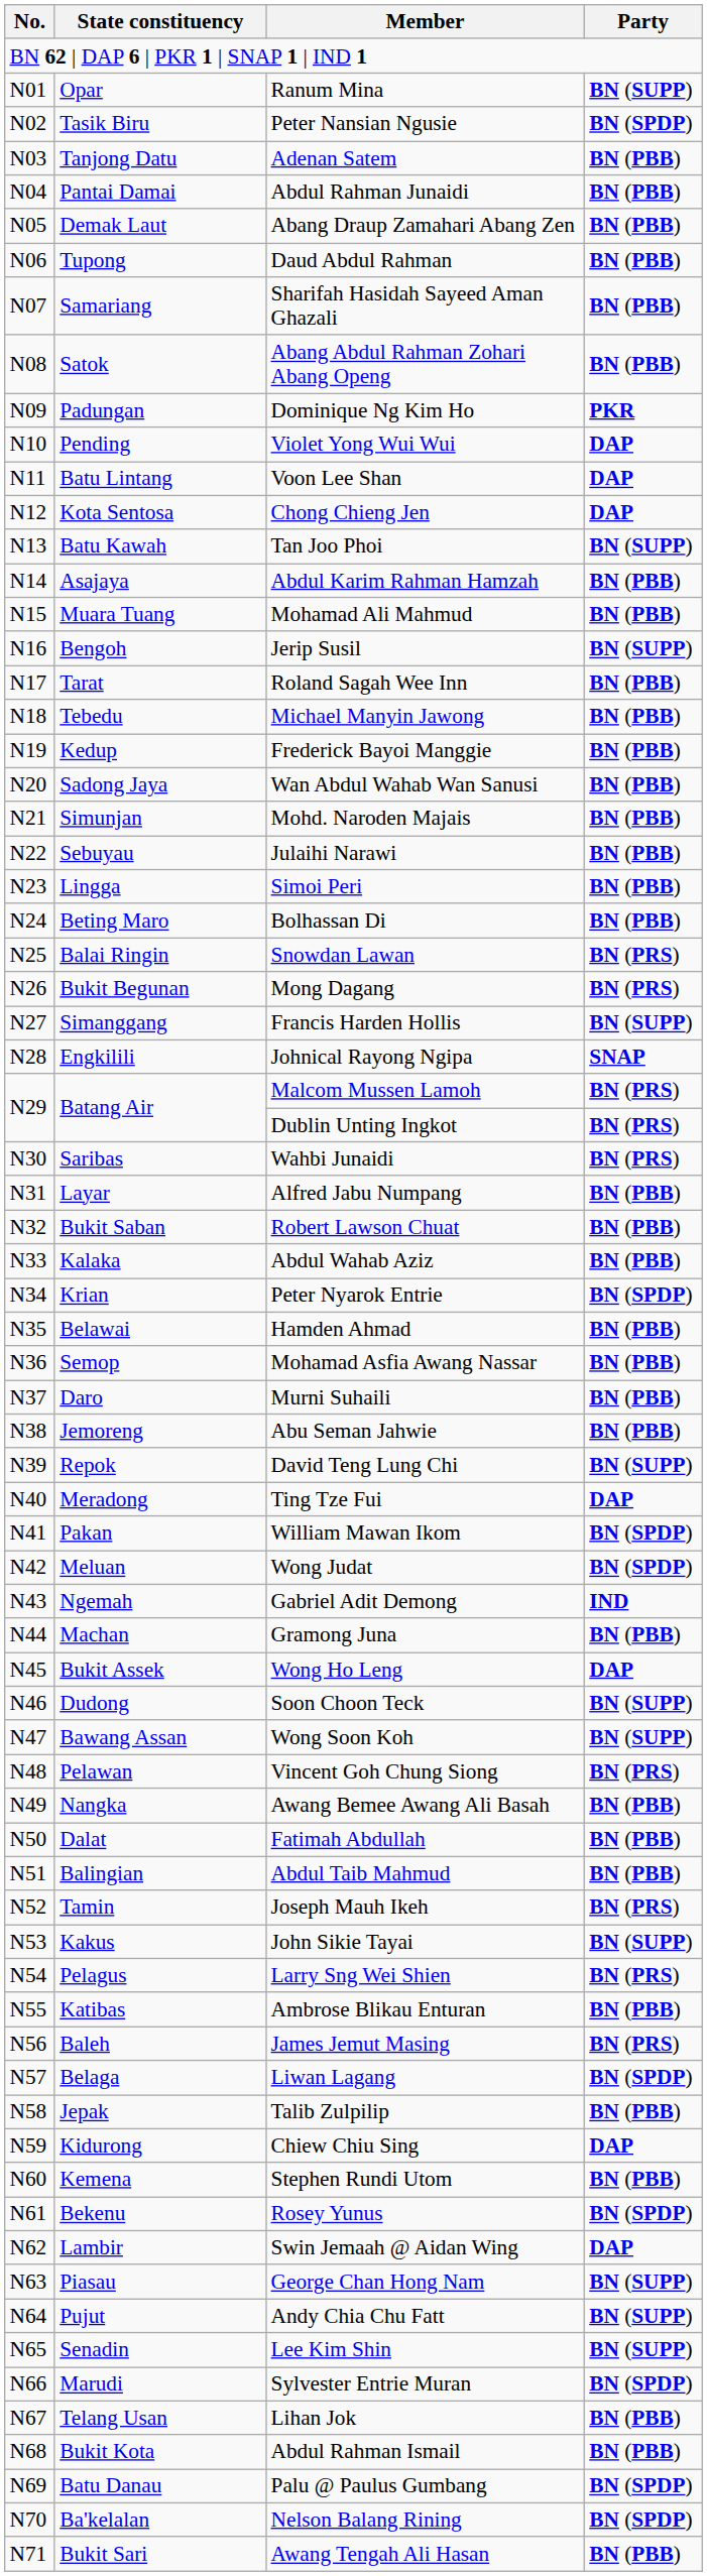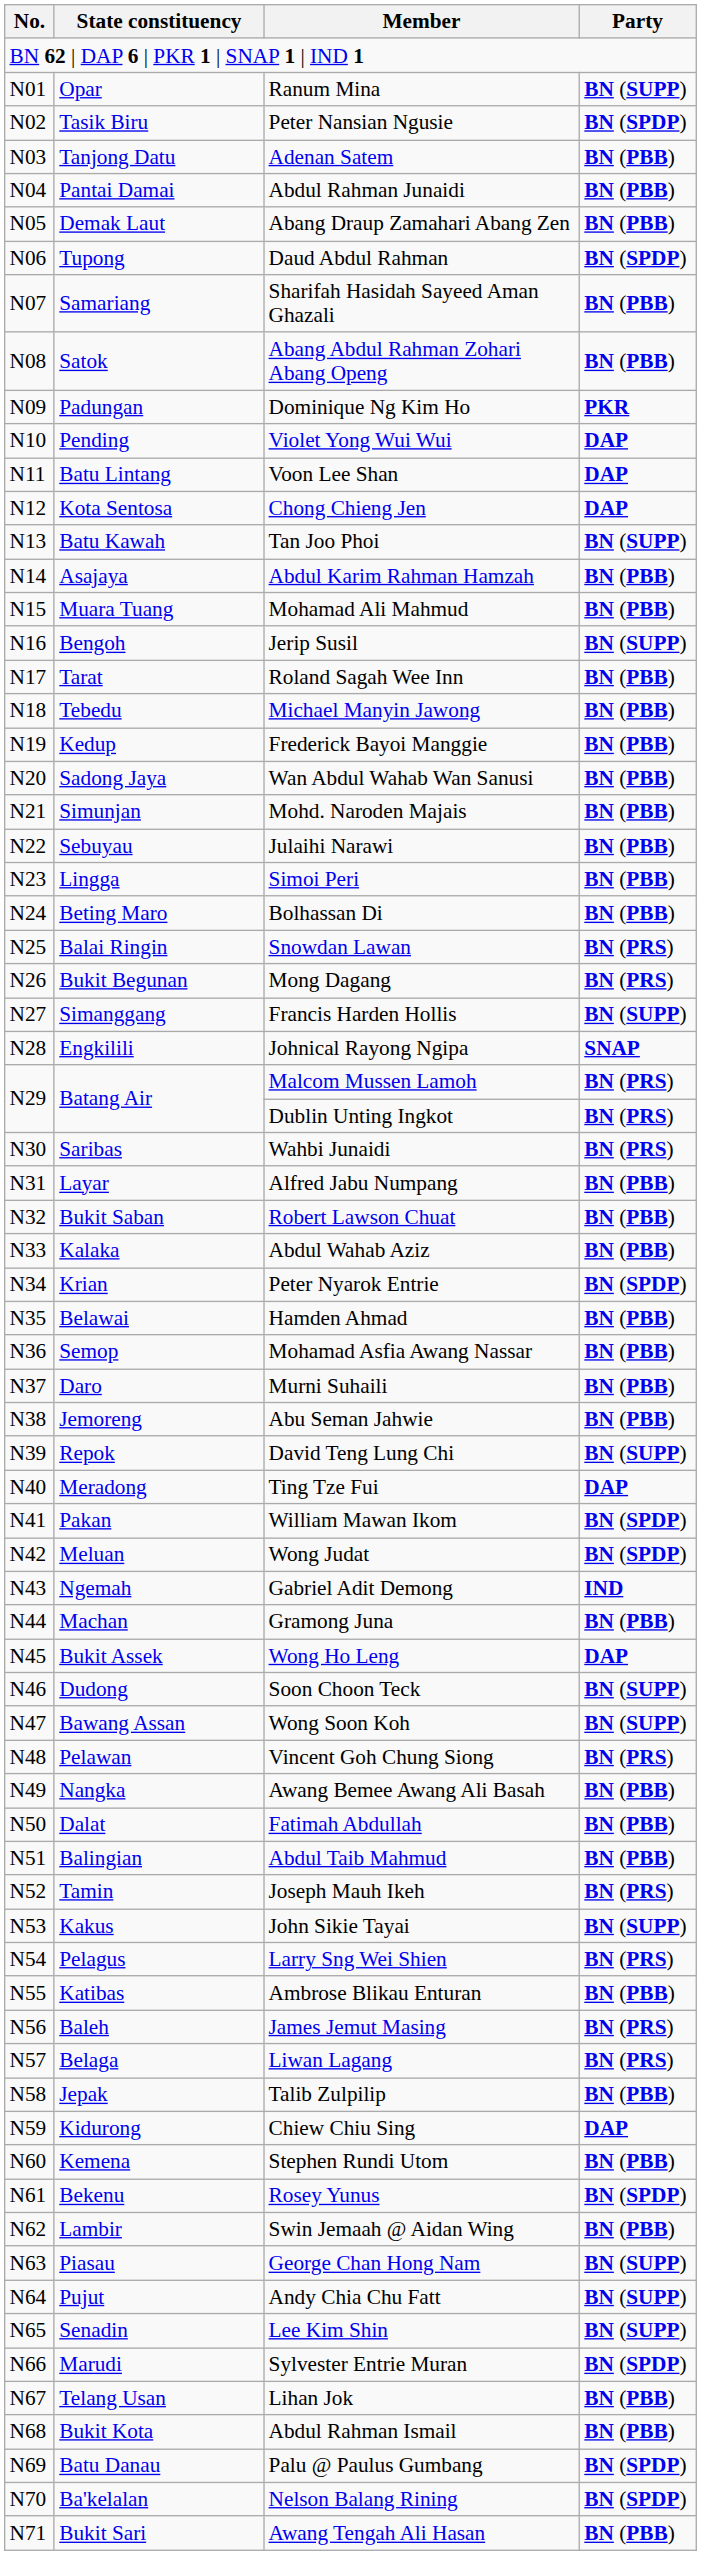 <table class="wikitable sortable">
 <tr>
 <th style="width:30px;">No.</th>
 <th style="width:150px;">State constituency</th>
 <th style="width:230px;">Member</th>
 <th style="width:80px;">Party</th>
 </tr>
 <tr>
 <td colspan="4"><a href='#'>BN</a> <strong>62</strong> | <a href='#'>DAP</a> <strong>6</strong> | <a href='#'>PKR</a> <strong>1</strong> | <a href='#'>SNAP</a> <strong>1</strong> | <a href='#'>IND</a> <strong>1</strong></td>
 </tr>
 <tr>
 <td>N01</td>
 <td><a href='#'>Opar</a></td>
 <td>Ranum Mina</td>
 <td><strong><a href='#'>BN</a></strong> (<strong><a href='#'>SUPP</a></strong>)</td>
 </tr>
 <tr>
 <td>N02</td>
 <td><a href='#'>Tasik Biru</a></td>
 <td>Peter Nansian Ngusie</td>
 <td><strong><a href='#'>BN</a></strong> (<strong><a href='#'>SPDP</a></strong>)</td>
 </tr>
 <tr>
 <td>N03</td>
 <td><a href='#'>Tanjong Datu</a></td>
 <td><a href='#'>Adenan Satem</a></td>
 <td><strong><a href='#'>BN</a></strong> (<strong><a href='#'>PBB</a></strong>)</td>
 </tr>
 <tr>
 <td>N04</td>
 <td><a href='#'>Pantai Damai</a></td>
 <td>Abdul Rahman Junaidi</td>
 <td><strong><a href='#'>BN</a></strong> (<strong><a href='#'>PBB</a></strong>)</td>
 </tr>
 <tr>
 <td>N05</td>
 <td><a href='#'>Demak Laut</a></td>
 <td>Abang Draup Zamahari Abang Zen</td>
 <td><strong><a href='#'>BN</a></strong> (<strong><a href='#'>PBB</a></strong>)</td>
 </tr>
 <tr>
 <td>N06</td>
 <td><a href='#'>Tupong</a></td>
 <td>Daud Abdul Rahman</td>
-<td><strong><a href='#'>BN</a></strong> (<strong><a href='#'>PBB</a></strong>)</td>
+<td><strong><a href='#'>BN</a></strong> (<strong><a href='#'>SPDP</a></strong>)</td>
 </tr>
 <tr>
 <td>N07</td>
 <td><a href='#'>Samariang</a></td>
 <td>Sharifah Hasidah Sayeed Aman Ghazali</td>
 <td><strong><a href='#'>BN</a></strong> (<strong><a href='#'>PBB</a></strong>)</td>
 </tr>
 <tr>
 <td>N08</td>
 <td><a href='#'>Satok</a></td>
 <td><a href='#'>Abang Abdul Rahman Zohari Abang Openg</a></td>
 <td><strong><a href='#'>BN</a></strong> (<strong><a href='#'>PBB</a></strong>)</td>
 </tr>
 <tr>
 <td>N09</td>
 <td><a href='#'>Padungan</a></td>
 <td>Dominique Ng Kim Ho</td>
 <td><strong><a href='#'>PKR</a></strong></td>
 </tr>
 <tr>
 <td>N10</td>
 <td><a href='#'>Pending</a></td>
 <td><a href='#'>Violet Yong Wui Wui</a></td>
 <td><strong><a href='#'>DAP</a></strong></td>
 </tr>
 <tr>
 <td>N11</td>
 <td><a href='#'>Batu Lintang</a></td>
 <td>Voon Lee Shan</td>
 <td><strong><a href='#'>DAP</a></strong></td>
 </tr>
 <tr>
 <td>N12</td>
 <td><a href='#'>Kota Sentosa</a></td>
 <td><a href='#'>Chong Chieng Jen</a></td>
 <td><strong><a href='#'>DAP</a></strong></td>
 </tr>
 <tr>
 <td>N13</td>
 <td><a href='#'>Batu Kawah</a></td>
 <td>Tan Joo Phoi</td>
 <td><strong><a href='#'>BN</a></strong> (<strong><a href='#'>SUPP</a></strong>)</td>
 </tr>
 <tr>
 <td>N14</td>
 <td><a href='#'>Asajaya</a></td>
 <td><a href='#'>Abdul Karim Rahman Hamzah</a></td>
 <td><strong><a href='#'>BN</a></strong> (<strong><a href='#'>PBB</a></strong>)</td>
 </tr>
 <tr>
 <td>N15</td>
 <td><a href='#'>Muara Tuang</a></td>
 <td>Mohamad Ali Mahmud</td>
 <td><strong><a href='#'>BN</a></strong> (<strong><a href='#'>PBB</a></strong>)</td>
 </tr>
 <tr>
 <td>N16</td>
 <td><a href='#'>Bengoh</a></td>
 <td>Jerip Susil</td>
 <td><strong><a href='#'>BN</a></strong> (<strong><a href='#'>SUPP</a></strong>)</td>
 </tr>
 <tr>
 <td>N17</td>
 <td><a href='#'>Tarat</a></td>
 <td>Roland Sagah Wee Inn</td>
 <td><strong><a href='#'>BN</a></strong> (<strong><a href='#'>PBB</a></strong>)</td>
 </tr>
 <tr>
 <td>N18</td>
 <td><a href='#'>Tebedu</a></td>
 <td><a href='#'>Michael Manyin Jawong</a></td>
 <td><strong><a href='#'>BN</a></strong> (<strong><a href='#'>PBB</a></strong>)</td>
 </tr>
 <tr>
 <td>N19</td>
 <td><a href='#'>Kedup</a></td>
 <td>Frederick Bayoi Manggie</td>
 <td><strong><a href='#'>BN</a></strong> (<strong><a href='#'>PBB</a></strong>)</td>
 </tr>
 <tr>
 <td>N20</td>
 <td><a href='#'>Sadong Jaya</a></td>
 <td>Wan Abdul Wahab Wan Sanusi</td>
 <td><strong><a href='#'>BN</a></strong> (<strong><a href='#'>PBB</a></strong>)</td>
 </tr>
 <tr>
 <td>N21</td>
 <td><a href='#'>Simunjan</a></td>
 <td>Mohd. Naroden Majais</td>
 <td><strong><a href='#'>BN</a></strong> (<strong><a href='#'>PBB</a></strong>)</td>
 </tr>
 <tr>
 <td>N22</td>
 <td><a href='#'>Sebuyau</a></td>
 <td>Julaihi Narawi</td>
 <td><strong><a href='#'>BN</a></strong> (<strong><a href='#'>PBB</a></strong>)</td>
 </tr>
 <tr>
 <td>N23</td>
 <td><a href='#'>Lingga</a></td>
 <td><a href='#'>Simoi Peri</a></td>
 <td><strong><a href='#'>BN</a></strong> (<strong><a href='#'>PBB</a></strong>)</td>
 </tr>
 <tr>
 <td>N24</td>
 <td><a href='#'>Beting Maro</a></td>
 <td>Bolhassan Di</td>
 <td><strong><a href='#'>BN</a></strong> (<strong><a href='#'>PBB</a></strong>)</td>
 </tr>
 <tr>
 <td>N25</td>
 <td><a href='#'>Balai Ringin</a></td>
 <td><a href='#'>Snowdan Lawan</a></td>
 <td><strong><a href='#'>BN</a></strong> (<strong><a href='#'>PRS</a></strong>)</td>
 </tr>
 <tr>
 <td>N26</td>
 <td><a href='#'>Bukit Begunan</a></td>
 <td>Mong Dagang</td>
 <td><strong><a href='#'>BN</a></strong> (<strong><a href='#'>PRS</a></strong>)</td>
 </tr>
 <tr>
 <td>N27</td>
 <td><a href='#'>Simanggang</a></td>
 <td>Francis Harden Hollis</td>
 <td><strong><a href='#'>BN</a></strong> (<strong><a href='#'>SUPP</a></strong>)</td>
 </tr>
 <tr>
 <td>N28</td>
 <td><a href='#'>Engkilili</a></td>
 <td>Johnical Rayong Ngipa</td>
 <td><strong><a href='#'>SNAP</a></strong></td>
 </tr>
 <tr>
 <td rowspan=2>N29</td>
 <td rowspan=2><a href='#'>Batang Air</a></td>
 <td><a href='#'>Malcom Mussen Lamoh</a> </td>
 <td><strong><a href='#'>BN</a></strong> (<strong><a href='#'>PRS</a></strong>)</td>
 </tr>
 <tr>
 <td>Dublin Unting Ingkot </td>
 <td><strong><a href='#'>BN</a></strong> (<strong><a href='#'>PRS</a></strong>)</td>
 </tr>
 <tr>
 <td>N30</td>
 <td><a href='#'>Saribas</a></td>
 <td>Wahbi Junaidi</td>
 <td><strong><a href='#'>BN</a></strong> (<strong><a href='#'>PRS</a></strong>)</td>
 </tr>
 <tr>
 <td>N31</td>
 <td><a href='#'>Layar</a></td>
 <td>Alfred Jabu Numpang</td>
 <td><strong><a href='#'>BN</a></strong> (<strong><a href='#'>PBB</a></strong>)</td>
 </tr>
 <tr>
 <td>N32</td>
 <td><a href='#'>Bukit Saban</a></td>
 <td><a href='#'>Robert Lawson Chuat</a></td>
 <td><strong><a href='#'>BN</a></strong> (<strong><a href='#'>PBB</a></strong>)</td>
 </tr>
 <tr>
 <td>N33</td>
 <td><a href='#'>Kalaka</a></td>
 <td>Abdul Wahab Aziz</td>
 <td><strong><a href='#'>BN</a></strong> (<strong><a href='#'>PBB</a></strong>)</td>
 </tr>
 <tr>
 <td>N34</td>
 <td><a href='#'>Krian</a></td>
 <td>Peter Nyarok Entrie</td>
 <td><strong><a href='#'>BN</a></strong> (<strong><a href='#'>SPDP</a></strong>)</td>
 </tr>
 <tr>
 <td>N35</td>
 <td><a href='#'>Belawai</a></td>
 <td>Hamden Ahmad</td>
 <td><strong><a href='#'>BN</a></strong> (<strong><a href='#'>PBB</a></strong>)</td>
 </tr>
 <tr>
 <td>N36</td>
 <td><a href='#'>Semop</a></td>
 <td>Mohamad Asfia Awang Nassar</td>
 <td><strong><a href='#'>BN</a></strong> (<strong><a href='#'>PBB</a></strong>)</td>
 </tr>
 <tr>
 <td>N37</td>
 <td><a href='#'>Daro</a></td>
 <td>Murni Suhaili</td>
 <td><strong><a href='#'>BN</a></strong> (<strong><a href='#'>PBB</a></strong>)</td>
 </tr>
 <tr>
 <td>N38</td>
 <td><a href='#'>Jemoreng</a></td>
 <td>Abu Seman Jahwie</td>
 <td><strong><a href='#'>BN</a></strong> (<strong><a href='#'>PBB</a></strong>)</td>
 </tr>
 <tr>
 <td>N39</td>
 <td><a href='#'>Repok</a></td>
 <td>David Teng Lung Chi</td>
 <td><strong><a href='#'>BN</a></strong> (<strong><a href='#'>SUPP</a></strong>)</td>
 </tr>
 <tr>
 <td>N40</td>
 <td><a href='#'>Meradong</a></td>
 <td>Ting Tze Fui</td>
 <td><strong><a href='#'>DAP</a></strong></td>
 </tr>
 <tr>
 <td>N41</td>
 <td><a href='#'>Pakan</a></td>
 <td>William Mawan Ikom</td>
 <td><strong><a href='#'>BN</a></strong> (<strong><a href='#'>SPDP</a></strong>)</td>
 </tr>
 <tr>
 <td>N42</td>
 <td><a href='#'>Meluan</a></td>
 <td>Wong Judat</td>
 <td><strong><a href='#'>BN</a></strong> (<strong><a href='#'>SPDP</a></strong>)</td>
 </tr>
 <tr>
 <td>N43</td>
 <td><a href='#'>Ngemah</a></td>
 <td>Gabriel Adit Demong</td>
 <td><strong><a href='#'>IND</a></strong></td>
 </tr>
 <tr>
 <td>N44</td>
 <td><a href='#'>Machan</a></td>
 <td>Gramong Juna</td>
 <td><strong><a href='#'>BN</a></strong> (<strong><a href='#'>PBB</a></strong>)</td>
 </tr>
 <tr>
 <td>N45</td>
 <td><a href='#'>Bukit Assek</a></td>
 <td><a href='#'>Wong Ho Leng</a></td>
 <td><strong><a href='#'>DAP</a></strong></td>
 </tr>
 <tr>
 <td>N46</td>
 <td><a href='#'>Dudong</a></td>
 <td>Soon Choon Teck</td>
 <td><strong><a href='#'>BN</a></strong> (<strong><a href='#'>SUPP</a></strong>)</td>
 </tr>
 <tr>
 <td>N47</td>
 <td><a href='#'>Bawang Assan</a></td>
 <td>Wong Soon Koh</td>
 <td><strong><a href='#'>BN</a></strong> (<strong><a href='#'>SUPP</a></strong>)</td>
 </tr>
 <tr>
 <td>N48</td>
 <td><a href='#'>Pelawan</a></td>
 <td>Vincent Goh Chung Siong</td>
 <td><strong><a href='#'>BN</a></strong> (<strong><a href='#'>PRS</a></strong>)</td>
 </tr>
 <tr>
 <td>N49</td>
 <td><a href='#'>Nangka</a></td>
 <td>Awang Bemee Awang Ali Basah</td>
 <td><strong><a href='#'>BN</a></strong> (<strong><a href='#'>PBB</a></strong>)</td>
 </tr>
 <tr>
 <td>N50</td>
 <td><a href='#'>Dalat</a></td>
 <td><a href='#'>Fatimah Abdullah</a></td>
 <td><strong><a href='#'>BN</a></strong> (<strong><a href='#'>PBB</a></strong>)</td>
 </tr>
 <tr>
 <td>N51</td>
 <td><a href='#'>Balingian</a></td>
 <td><a href='#'>Abdul Taib Mahmud</a></td>
 <td><strong><a href='#'>BN</a></strong> (<strong><a href='#'>PBB</a></strong>)</td>
 </tr>
 <tr>
 <td>N52</td>
 <td><a href='#'>Tamin</a></td>
 <td>Joseph Mauh Ikeh</td>
 <td><strong><a href='#'>BN</a></strong> (<strong><a href='#'>PRS</a></strong>)</td>
 </tr>
 <tr>
 <td>N53</td>
 <td><a href='#'>Kakus</a></td>
 <td>John Sikie Tayai</td>
 <td><strong><a href='#'>BN</a></strong> (<strong><a href='#'>SUPP</a></strong>)</td>
 </tr>
 <tr>
 <td>N54</td>
 <td><a href='#'>Pelagus</a></td>
 <td><a href='#'>Larry Sng Wei Shien</a></td>
 <td><strong><a href='#'>BN</a></strong> (<strong><a href='#'>PRS</a></strong>)</td>
 </tr>
 <tr>
 <td>N55</td>
 <td><a href='#'>Katibas</a></td>
 <td>Ambrose Blikau Enturan</td>
 <td><strong><a href='#'>BN</a></strong> (<strong><a href='#'>PBB</a></strong>)</td>
 </tr>
 <tr>
 <td>N56</td>
 <td><a href='#'>Baleh</a></td>
 <td><a href='#'>James Jemut Masing</a></td>
 <td><strong><a href='#'>BN</a></strong> (<strong><a href='#'>PRS</a></strong>)</td>
 </tr>
 <tr>
 <td>N57</td>
 <td><a href='#'>Belaga</a></td>
 <td><a href='#'>Liwan Lagang</a></td>
-<td><strong><a href='#'>BN</a></strong> (<strong><a href='#'>SPDP</a></strong>)</td>
+<td><strong><a href='#'>BN</a></strong> (<strong><a href='#'>PRS</a></strong>)</td>
 </tr>
 <tr>
 <td>N58</td>
 <td><a href='#'>Jepak</a></td>
 <td>Talib Zulpilip</td>
 <td><strong><a href='#'>BN</a></strong> (<strong><a href='#'>PBB</a></strong>)</td>
 </tr>
 <tr>
 <td>N59</td>
 <td><a href='#'>Kidurong</a></td>
 <td>Chiew Chiu Sing</td>
 <td><strong><a href='#'>DAP</a></strong></td>
 </tr>
 <tr>
 <td>N60</td>
 <td><a href='#'>Kemena</a></td>
 <td>Stephen Rundi Utom</td>
 <td><strong><a href='#'>BN</a></strong> (<strong><a href='#'>PBB</a></strong>)</td>
 </tr>
 <tr>
 <td>N61</td>
 <td><a href='#'>Bekenu</a></td>
 <td><a href='#'>Rosey Yunus</a></td>
 <td><strong><a href='#'>BN</a></strong> (<strong><a href='#'>SPDP</a></strong>)</td>
 </tr>
 <tr>
 <td>N62</td>
 <td><a href='#'>Lambir</a></td>
 <td>Swin Jemaah @ Aidan Wing</td>
-<td><strong><a href='#'>DAP</a></strong></td>
+<td><strong><a href='#'>BN</a></strong> (<strong><a href='#'>PBB</a></strong>)</td>
 </tr>
 <tr>
 <td>N63</td>
 <td><a href='#'>Piasau</a></td>
 <td><a href='#'>George Chan Hong Nam</a></td>
 <td><strong><a href='#'>BN</a></strong> (<strong><a href='#'>SUPP</a></strong>)</td>
 </tr>
 <tr>
 <td>N64</td>
 <td><a href='#'>Pujut</a></td>
 <td>Andy Chia Chu Fatt</td>
 <td><strong><a href='#'>BN</a></strong> (<strong><a href='#'>SUPP</a></strong>)</td>
 </tr>
 <tr>
 <td>N65</td>
 <td><a href='#'>Senadin</a></td>
 <td><a href='#'>Lee Kim Shin</a></td>
 <td><strong><a href='#'>BN</a></strong> (<strong><a href='#'>SUPP</a></strong>)</td>
 </tr>
 <tr>
 <td>N66</td>
 <td><a href='#'>Marudi</a></td>
 <td>Sylvester Entrie Muran</td>
 <td><strong><a href='#'>BN</a></strong> (<strong><a href='#'>SPDP</a></strong>)</td>
 </tr>
 <tr>
 <td>N67</td>
 <td><a href='#'>Telang Usan</a></td>
 <td>Lihan Jok</td>
 <td><strong><a href='#'>BN</a></strong> (<strong><a href='#'>PBB</a></strong>)</td>
 </tr>
 <tr>
 <td>N68</td>
 <td><a href='#'>Bukit Kota</a></td>
 <td>Abdul Rahman Ismail</td>
 <td><strong><a href='#'>BN</a></strong> (<strong><a href='#'>PBB</a></strong>)</td>
 </tr>
 <tr>
 <td>N69</td>
 <td><a href='#'>Batu Danau</a></td>
 <td>Palu @ Paulus Gumbang</td>
 <td><strong><a href='#'>BN</a></strong> (<strong><a href='#'>SPDP</a></strong>)</td>
 </tr>
 <tr>
 <td>N70</td>
 <td><a href='#'>Ba'kelalan</a></td>
 <td><a href='#'>Nelson Balang Rining</a></td>
 <td><strong><a href='#'>BN</a></strong> (<strong><a href='#'>SPDP</a></strong>)</td>
 </tr>
 <tr>
 <td>N71</td>
 <td><a href='#'>Bukit Sari</a></td>
 <td><a href='#'>Awang Tengah Ali Hasan</a></td>
 <td><strong><a href='#'>BN</a></strong> (<strong><a href='#'>PBB</a></strong>)</td>
 </tr>
 </table>
